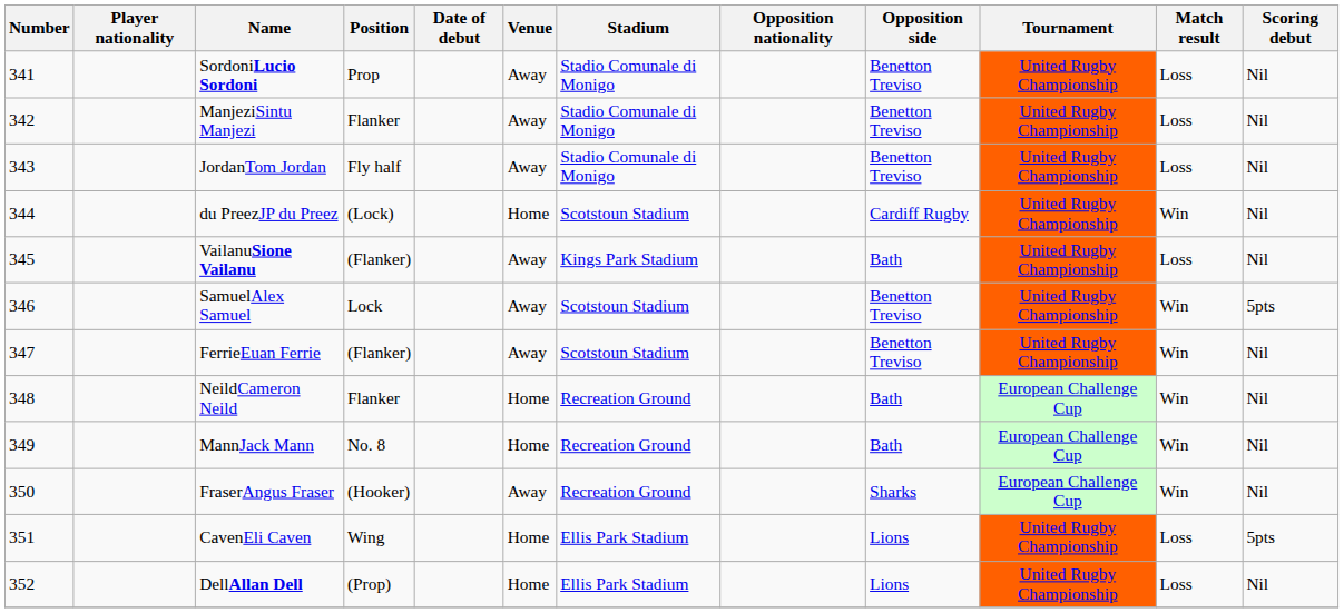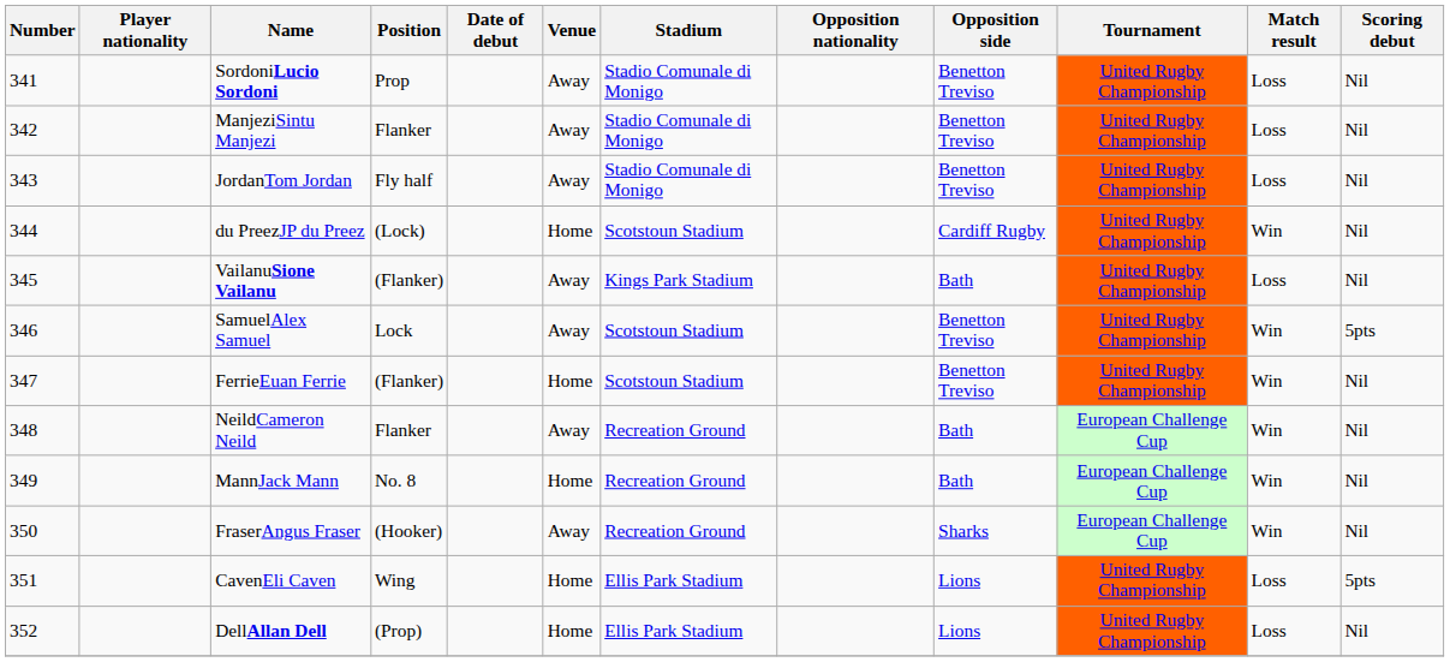 <table class="sortable wikitable">
 <tr>
 <th data-sort-type="number">Number</th>
 <th>Player nationality</th>
 <th>Name</th>
 <th>Position</th>
 <th>Date of debut</th>
 <th>Venue</th>
 <th>Stadium</th>
 <th>Opposition nationality</th>
 <th>Opposition side</th>
 <th>Tournament</th>
 <th>Match result</th>
 <th>Scoring debut</th>
 </tr>
 <tr>
 <td>341</td>
 <td style="text-align:center;"></td>
 <td><span>Sordoni</span><strong><a href='#'>Lucio Sordoni</a></strong></td>
 <td>Prop</td>
 <td></td>
 <td>Away</td>
 <td><a href='#'>Stadio Comunale di Monigo</a></td>
 <td style="text-align:center;"></td>
 <td><a href='#'>Benetton Treviso</a></td>
 <td style="text-align:center; background:#FF6000;"><a href='#'>United Rugby Championship</a></td>
 <td>Loss</td>
 <td>Nil</td>
 </tr>
 <tr>
 <td>342</td>
 <td style="text-align:center;"></td>
 <td><span>Manjezi</span><a href='#'>Sintu Manjezi</a></td>
 <td>Flanker</td>
 <td></td>
 <td>Away</td>
 <td><a href='#'>Stadio Comunale di Monigo</a></td>
 <td style="text-align:center;"></td>
 <td><a href='#'>Benetton Treviso</a></td>
 <td style="text-align:center; background:#FF6000;"><a href='#'>United Rugby Championship</a></td>
 <td>Loss</td>
 <td>Nil</td>
 </tr>
 <tr>
 <td>343</td>
 <td style="text-align:center;"></td>
 <td><span>Jordan</span><a href='#'>Tom Jordan</a></td>
 <td>Fly half</td>
 <td></td>
 <td>Away</td>
 <td><a href='#'>Stadio Comunale di Monigo</a></td>
 <td style="text-align:center;"></td>
 <td><a href='#'>Benetton Treviso</a></td>
 <td style="text-align:center; background:#FF6000;"><a href='#'>United Rugby Championship</a></td>
 <td>Loss</td>
 <td>Nil</td>
 </tr>
 <tr>
 <td>344</td>
 <td style="text-align:center;"></td>
 <td><span>du Preez</span><a href='#'>JP du Preez</a></td>
 <td>(Lock)</td>
 <td></td>
 <td>Home</td>
 <td><a href='#'>Scotstoun Stadium</a></td>
 <td style="text-align:center;"></td>
 <td><a href='#'>Cardiff Rugby</a></td>
 <td style="text-align:center; background:#FF6000;"><a href='#'>United Rugby Championship</a></td>
 <td>Win</td>
 <td>Nil</td>
 </tr>
 <tr>
 <td>345</td>
 <td style="text-align:center;"></td>
 <td><span>Vailanu</span><strong><a href='#'>Sione Vailanu</a></strong></td>
 <td>(Flanker)</td>
 <td></td>
 <td>Away</td>
 <td><a href='#'>Kings Park Stadium</a></td>
 <td style="text-align:center;"></td>
 <td><a href='#'>Bath</a></td>
 <td style="text-align:center; background:#FF6000;"><a href='#'>United Rugby Championship</a></td>
 <td>Loss</td>
 <td>Nil</td>
 </tr>
 <tr>
 <td>346</td>
 <td style="text-align:center;"></td>
 <td><span>Samuel</span><a href='#'>Alex Samuel</a></td>
 <td>Lock</td>
 <td></td>
 <td>Away</td>
 <td><a href='#'>Scotstoun Stadium</a></td>
 <td style="text-align:center;"></td>
 <td><a href='#'>Benetton Treviso</a></td>
 <td style="text-align:center; background:#FF6000;"><a href='#'>United Rugby Championship</a></td>
 <td>Win</td>
 <td>5pts</td>
 </tr>
 <tr>
 <td>347</td>
 <td style="text-align:center;"></td>
 <td><span>Ferrie</span><a href='#'>Euan Ferrie</a></td>
 <td>(Flanker)</td>
 <td></td>
-<td>Away</td>
+<td>Home</td>
 <td><a href='#'>Scotstoun Stadium</a></td>
 <td style="text-align:center;"></td>
 <td><a href='#'>Benetton Treviso</a></td>
 <td style="text-align:center; background:#FF6000;"><a href='#'>United Rugby Championship</a></td>
 <td>Win</td>
 <td>Nil</td>
 </tr>
 <tr>
 <td>348</td>
 <td style="text-align:center;"></td>
 <td><span>Neild</span><a href='#'>Cameron Neild</a></td>
 <td>Flanker</td>
 <td></td>
-<td>Home</td>
+<td>Away</td>
 <td><a href='#'>Recreation Ground</a></td>
 <td style="text-align:center;"></td>
 <td><a href='#'>Bath</a></td>
 <td style="text-align:center; background:#CCFFCC;"><a href='#'>European Challenge Cup</a></td>
 <td>Win</td>
 <td>Nil</td>
 </tr>
 <tr>
 <td>349</td>
 <td style="text-align:center;"></td>
 <td><span>Mann</span><a href='#'>Jack Mann</a></td>
 <td>No. 8</td>
 <td></td>
 <td>Home</td>
 <td><a href='#'>Recreation Ground</a></td>
 <td style="text-align:center;"></td>
 <td><a href='#'>Bath</a></td>
 <td style="text-align:center; background:#CCFFCC;"><a href='#'>European Challenge Cup</a></td>
 <td>Win</td>
 <td>Nil</td>
 </tr>
 <tr>
 <td>350</td>
 <td style="text-align:center;"></td>
 <td><span>Fraser</span><a href='#'>Angus Fraser</a></td>
 <td>(Hooker)</td>
 <td></td>
 <td>Away</td>
 <td><a href='#'>Recreation Ground</a></td>
 <td style="text-align:center;"></td>
 <td><a href='#'>Sharks</a></td>
 <td style="text-align:center; background:#CCFFCC;"><a href='#'>European Challenge Cup</a></td>
 <td>Win</td>
 <td>Nil</td>
 </tr>
 <tr>
 <td>351</td>
 <td style="text-align:center;"></td>
 <td><span>Caven</span><a href='#'>Eli Caven</a></td>
 <td>Wing</td>
 <td></td>
 <td>Home</td>
 <td><a href='#'>Ellis Park Stadium</a></td>
 <td style="text-align:center;"></td>
 <td><a href='#'>Lions</a></td>
 <td style="text-align:center; background:#FF6000;"><a href='#'>United Rugby Championship</a></td>
 <td>Loss</td>
 <td>5pts</td>
 </tr>
 <tr>
 <td>352</td>
 <td style="text-align:center;"></td>
 <td><span>Dell</span><strong><a href='#'>Allan Dell</a></strong></td>
 <td>(Prop)</td>
 <td></td>
 <td>Home</td>
 <td><a href='#'>Ellis Park Stadium</a></td>
 <td style="text-align:center;"></td>
 <td><a href='#'>Lions</a></td>
 <td style="text-align:center; background:#FF6000;"><a href='#'>United Rugby Championship</a></td>
 <td>Loss</td>
 <td>Nil</td>
 </tr>
 <tr>
 </tr>
 </table>
